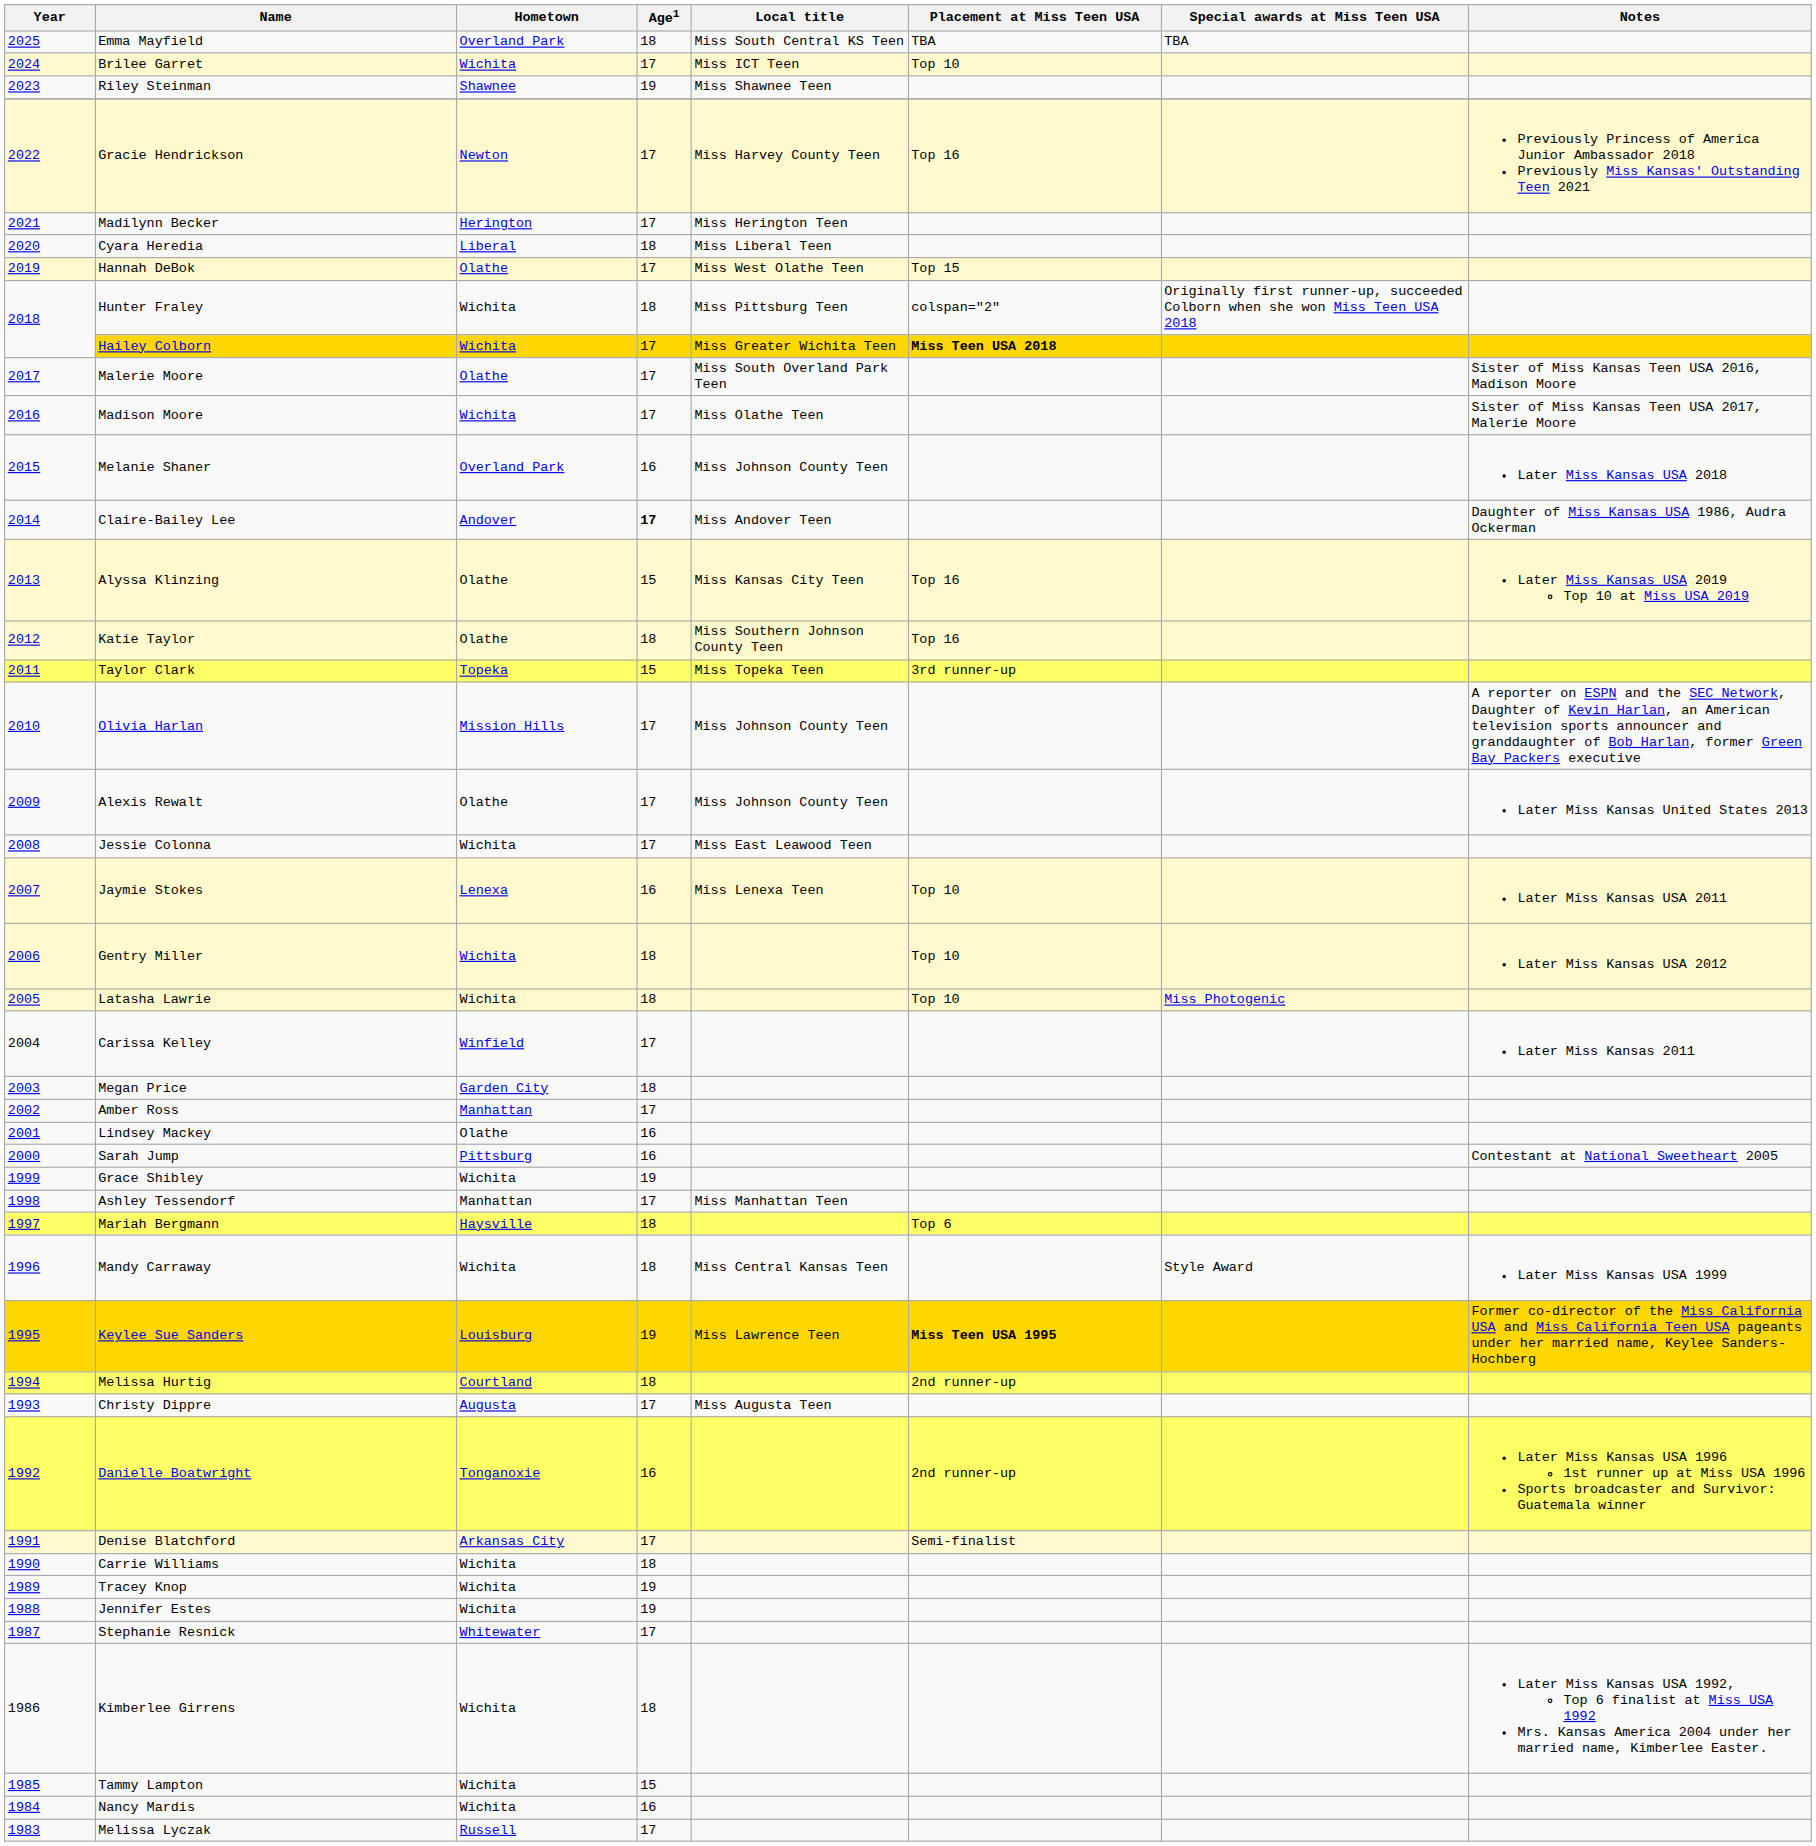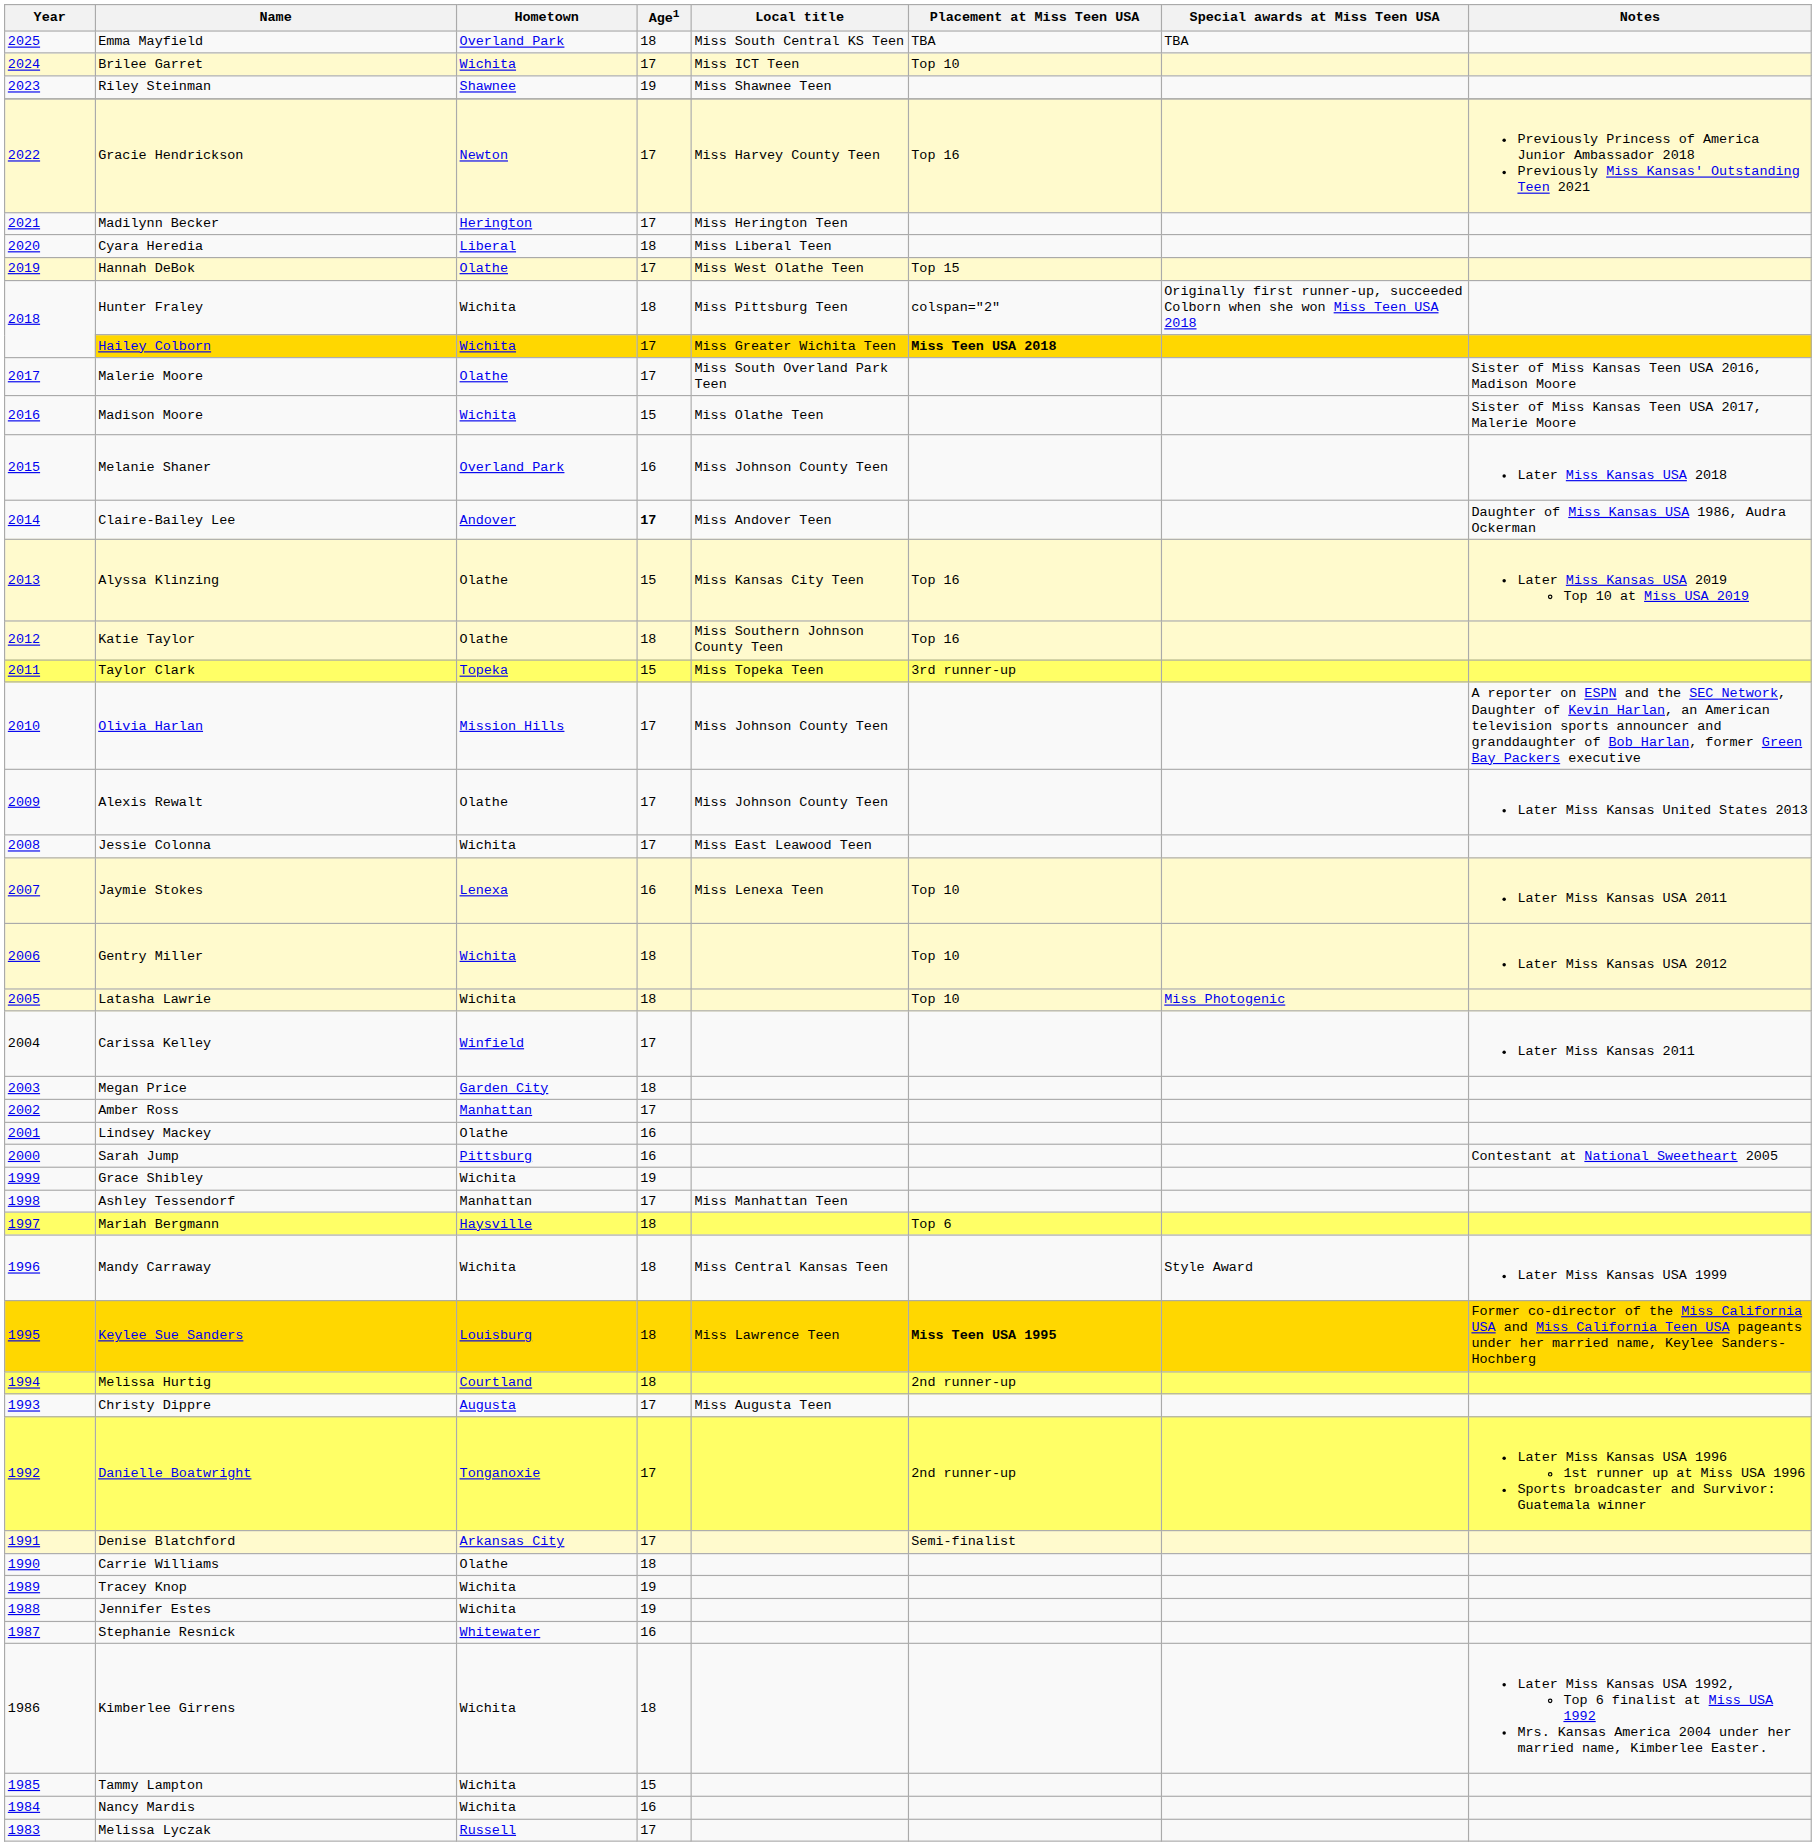 <table class="wikitable"style="font-size:90%;">
 <tr bgcolor="#efefef">
 <th width=5%>Year</th>
 <th width=20%>Name</th>
 <th width=10%>Hometown</th>
 <th width=3%>Age<sup>1</sup></th>
 <th width=12%>Local title</th>
 <th width=14%>Placement at Miss Teen USA</th>
 <th width=17%>Special awards at Miss Teen  USA</th>
 <th width=31%>Notes</th>
 </tr>
 <tr>
 <td><a href='#'>2025</a></td>
 <td>Emma Mayfield</td>
 <td><a href='#'>Overland Park</a></td>
 <td>18</td>
 <td>Miss South Central KS Teen</td>
 <td>TBA</td>
 <td>TBA</td>
 <td></td>
 </tr>
 <tr style="background-color:#FFFACD;”">
 <td><a href='#'>2024</a></td>
 <td>Brilee Garret</td>
 <td><a href='#'>Wichita</a></td>
 <td>17</td>
 <td>Miss ICT Teen</td>
 <td>Top 10</td>
 <td></td>
 <td></td>
 </tr>
 <tr>
 <td><a href='#'>2023</a></td>
 <td>Riley Steinman</td>
 <td><a href='#'>Shawnee</a></td>
 <td>19</td>
 <td>Miss Shawnee Teen</td>
 <td></td>
 <td></td>
 <td></td>
 </tr>
 <tr>
 </tr>
 <tr style="background-color:#FFFACD;">
 <td><a href='#'>2022</a></td>
 <td>Gracie Hendrickson</td>
 <td><a href='#'>Newton</a></td>
 <td>17</td>
 <td>Miss Harvey County Teen</td>
 <td>Top 16</td>
 <td></td>
 <td><br><ul><li>Previously Princess of America Junior Ambassador 2018</li><li>Previously <a href='#'>Miss Kansas' Outstanding Teen</a> 2021</li></ul></td>
 </tr>
 <tr>
 <td><a href='#'>2021</a></td>
 <td>Madilynn Becker</td>
 <td><a href='#'>Herington</a></td>
 <td>17</td>
 <td>Miss Herington Teen</td>
 <td></td>
 <td></td>
 <td></td>
 </tr>
 <tr>
 <td><a href='#'>2020</a></td>
 <td>Cyara Heredia</td>
 <td><a href='#'>Liberal</a></td>
 <td>18</td>
 <td>Miss Liberal Teen</td>
 <td></td>
 <td></td>
 <td></td>
 </tr>
 <tr style="background-color:#FFFACD;">
 <td><a href='#'>2019</a></td>
 <td>Hannah DeBok</td>
 <td><a href='#'>Olathe</a></td>
 <td>17</td>
 <td>Miss West Olathe Teen</td>
 <td>Top 15</td>
 <td></td>
 <td></td>
 </tr>
 <tr>
 <td rowspan=2><a href='#'>2018</a></td>
 <td>Hunter Fraley</td>
 <td>Wichita</td>
 <td>18</td>
 <td>Miss Pittsburg Teen</td>
 <td>colspan="2" </td>
 <td>Originally first runner-up, succeeded Colborn when she won <a href='#'>Miss Teen USA 2018</a></td>
 </tr>
 <tr style="background-color:gold">
 <td><a href='#'>Hailey Colborn</a></td>
 <td><a href='#'>Wichita</a></td>
 <td>17</td>
 <td>Miss Greater Wichita Teen</td>
 <td><strong>Miss Teen USA 2018</strong></td>
 <td></td>
 <td></td>
 </tr>
 <tr>
 <td><a href='#'>2017</a></td>
 <td>Malerie Moore</td>
 <td><a href='#'>Olathe</a></td>
 <td>17</td>
 <td>Miss South Overland Park Teen</td>
 <td></td>
 <td></td>
 <td>Sister of Miss Kansas Teen USA 2016, Madison Moore</td>
 </tr>
 <tr>
 <td><a href='#'>2016</a></td>
 <td>Madison Moore</td>
 <td><a href='#'>Wichita</a></td>
-<td>17</td>
+<td>15</td>
 <td>Miss Olathe Teen</td>
 <td></td>
 <td></td>
 <td>Sister of Miss Kansas Teen USA 2017, Malerie Moore</td>
 </tr>
 <tr>
 <td><a href='#'>2015</a></td>
 <td>Melanie Shaner</td>
 <td><a href='#'>Overland Park</a></td>
 <td>16</td>
 <td>Miss Johnson County Teen</td>
 <td></td>
 <td></td>
 <td><br><ul><li>Later <a href='#'>Miss Kansas USA</a> 2018</li></ul></td>
 </tr>
 <tr>
 <td><a href='#'>2014</a></td>
 <td>Claire-Bailey Lee</td>
 <td><a href='#'>Andover</a></td>
 <td><strong>17</strong></td>
 <td>Miss Andover Teen</td>
 <td></td>
 <td></td>
 <td>Daughter of <a href='#'>Miss Kansas USA</a> 1986, Audra Ockerman</td>
 </tr>
 <tr style="background-color:#FFFACD;">
 <td><a href='#'>2013</a></td>
 <td>Alyssa Klinzing</td>
 <td>Olathe</td>
 <td>15</td>
 <td>Miss Kansas City Teen</td>
 <td>Top 16</td>
 <td></td>
 <td><br><ul><li>Later <a href='#'>Miss Kansas USA</a> 2019<ul><li>Top 10 at <a href='#'>Miss USA 2019</a></li></ul></li></ul></td>
 </tr>
 <tr style="background-color:#FFFACD;">
 <td><a href='#'>2012</a></td>
 <td>Katie Taylor</td>
 <td>Olathe</td>
 <td>18</td>
 <td>Miss Southern Johnson County Teen</td>
 <td>Top 16</td>
 <td></td>
 <td></td>
 </tr>
 <tr style="background-color:#FFFF66;">
 <td><a href='#'>2011</a></td>
 <td>Taylor Clark</td>
 <td><a href='#'>Topeka</a></td>
 <td>15</td>
 <td>Miss Topeka Teen</td>
 <td>3rd runner-up</td>
 <td></td>
 <td></td>
 </tr>
 <tr>
 <td><a href='#'>2010</a></td>
 <td><a href='#'>Olivia Harlan</a></td>
 <td><a href='#'>Mission Hills</a></td>
 <td>17</td>
 <td>Miss Johnson County Teen</td>
 <td></td>
 <td></td>
 <td>A reporter on <a href='#'>ESPN</a> and the <a href='#'>SEC Network</a>, Daughter of <a href='#'>Kevin Harlan</a>, an American television sports announcer and granddaughter of <a href='#'>Bob Harlan</a>, former <a href='#'>Green Bay Packers</a> executive</td>
 </tr>
 <tr>
 <td><a href='#'>2009</a></td>
 <td>Alexis Rewalt</td>
 <td>Olathe</td>
 <td>17</td>
 <td>Miss Johnson County Teen</td>
 <td></td>
 <td></td>
 <td><br><ul><li>Later Miss Kansas United States 2013</li></ul></td>
 </tr>
 <tr>
 <td><a href='#'>2008</a></td>
 <td>Jessie Colonna</td>
 <td>Wichita</td>
 <td>17</td>
 <td>Miss East Leawood Teen</td>
 <td></td>
 <td></td>
 <td></td>
 </tr>
 <tr style="background-color:#FFFACD;">
 <td><a href='#'>2007</a></td>
 <td>Jaymie Stokes</td>
 <td><a href='#'>Lenexa</a></td>
 <td>16</td>
 <td>Miss Lenexa Teen</td>
 <td>Top 10</td>
 <td></td>
 <td><br><ul><li>Later Miss Kansas USA 2011</li></ul></td>
 </tr>
 <tr style="background-color:#FFFACD;">
 <td><a href='#'>2006</a></td>
 <td>Gentry Miller</td>
 <td><a href='#'>Wichita</a></td>
 <td>18</td>
 <td></td>
 <td>Top 10</td>
 <td></td>
 <td><br><ul><li>Later Miss Kansas USA 2012</li></ul></td>
 </tr>
 <tr style="background-color:#FFFACD;">
 <td><a href='#'>2005</a></td>
 <td>Latasha Lawrie</td>
 <td>Wichita</td>
 <td>18</td>
 <td></td>
 <td>Top 10</td>
 <td><a href='#'>Miss Photogenic</a></td>
 <td></td>
 </tr>
 <tr>
 <td>2004</td>
 <td>Carissa Kelley</td>
 <td><a href='#'>Winfield</a></td>
 <td>17</td>
 <td></td>
 <td></td>
 <td></td>
 <td><br><ul><li>Later Miss Kansas 2011</li></ul></td>
 </tr>
 <tr>
 <td><a href='#'>2003</a></td>
 <td>Megan Price</td>
 <td><a href='#'>Garden City</a></td>
 <td>18</td>
 <td></td>
 <td></td>
 <td></td>
 <td></td>
 </tr>
 <tr>
 <td><a href='#'>2002</a></td>
 <td>Amber Ross</td>
 <td><a href='#'>Manhattan</a></td>
 <td>17</td>
 <td></td>
 <td></td>
 <td></td>
 <td></td>
 </tr>
 <tr>
 <td><a href='#'>2001</a></td>
 <td>Lindsey Mackey</td>
 <td>Olathe</td>
 <td>16</td>
 <td></td>
 <td></td>
 <td></td>
 <td></td>
 </tr>
 <tr>
 <td><a href='#'>2000</a></td>
 <td>Sarah Jump</td>
 <td><a href='#'>Pittsburg</a></td>
 <td>16</td>
 <td></td>
 <td></td>
 <td></td>
 <td>Contestant at <a href='#'>National Sweetheart</a> 2005</td>
 </tr>
 <tr>
 <td><a href='#'>1999</a></td>
 <td>Grace Shibley</td>
 <td>Wichita</td>
 <td>19</td>
 <td></td>
 <td></td>
 <td></td>
 <td></td>
 </tr>
 <tr>
 <td><a href='#'>1998</a></td>
 <td>Ashley Tessendorf</td>
 <td>Manhattan</td>
 <td>17</td>
 <td>Miss Manhattan Teen</td>
 <td></td>
 <td></td>
 <td></td>
 </tr>
 <tr style="background-color:#FFFF66;">
 <td><a href='#'>1997</a></td>
 <td>Mariah Bergmann</td>
 <td><a href='#'>Haysville</a></td>
 <td>18</td>
 <td></td>
 <td>Top 6</td>
 <td></td>
 <td></td>
 </tr>
 <tr>
 <td><a href='#'>1996</a></td>
 <td>Mandy Carraway</td>
 <td>Wichita</td>
 <td>18</td>
 <td>Miss Central Kansas Teen</td>
 <td></td>
 <td>Style Award</td>
 <td><br><ul><li>Later Miss Kansas USA 1999</li></ul></td>
 </tr>
 <tr style="background-color:GOLD;">
 <td><a href='#'>1995</a></td>
 <td><a href='#'>Keylee Sue Sanders</a></td>
 <td><a href='#'>Louisburg</a></td>
-<td>19</td>
+<td>18</td>
 <td>Miss Lawrence Teen</td>
 <td><strong>Miss Teen USA 1995</strong></td>
 <td></td>
 <td>Former co-director of the <a href='#'>Miss California USA</a> and <a href='#'>Miss California Teen USA</a> pageants under her married name, Keylee Sanders-Hochberg</td>
 </tr>
 <tr style="background-color:#FFFF66;">
 <td><a href='#'>1994</a></td>
 <td>Melissa Hurtig</td>
 <td><a href='#'>Courtland</a></td>
 <td>18</td>
 <td></td>
 <td>2nd runner-up</td>
 <td></td>
 <td></td>
 </tr>
 <tr>
 <td><a href='#'>1993</a></td>
 <td>Christy Dippre</td>
 <td><a href='#'>Augusta</a></td>
 <td>17</td>
 <td>Miss Augusta Teen</td>
 <td></td>
 <td></td>
 <td></td>
 </tr>
 <tr style="background-color:#FFFF66;">
 <td><a href='#'>1992</a></td>
 <td><a href='#'>Danielle Boatwright</a></td>
 <td><a href='#'>Tonganoxie</a></td>
-<td>16</td>
+<td>17</td>
 <td></td>
 <td>2nd runner-up</td>
 <td></td>
 <td><br><ul><li>Later Miss Kansas USA 1996<ul><li>1st runner up at Miss USA 1996</li></ul></li><li>Sports broadcaster and Survivor: Guatemala winner</li></ul></td>
 </tr>
 <tr style="background-color:#FFFACD;">
 <td><a href='#'>1991</a></td>
 <td>Denise Blatchford</td>
 <td><a href='#'>Arkansas City</a></td>
 <td>17</td>
 <td></td>
 <td>Semi-finalist</td>
 <td></td>
 <td></td>
 </tr>
 <tr>
 <td><a href='#'>1990</a></td>
 <td>Carrie Williams</td>
-<td>Wichita</td>
+<td>Olathe</td>
 <td>18</td>
 <td></td>
 <td></td>
 <td></td>
 <td></td>
 </tr>
 <tr>
 <td><a href='#'>1989</a></td>
 <td>Tracey Knop</td>
 <td>Wichita</td>
 <td>19</td>
 <td></td>
 <td></td>
 <td></td>
 <td></td>
 </tr>
 <tr>
 <td><a href='#'>1988</a></td>
 <td>Jennifer Estes</td>
 <td>Wichita</td>
 <td>19</td>
 <td></td>
 <td></td>
 <td></td>
 <td></td>
 </tr>
 <tr>
 <td><a href='#'>1987</a></td>
 <td>Stephanie Resnick</td>
 <td><a href='#'>Whitewater</a></td>
-<td>17</td>
+<td>16</td>
 <td></td>
 <td></td>
 <td></td>
 <td></td>
 </tr>
 <tr>
 <td>1986</td>
 <td>Kimberlee Girrens</td>
 <td>Wichita</td>
 <td>18</td>
 <td></td>
 <td></td>
 <td></td>
 <td><br><ul><li>Later Miss Kansas USA 1992,<ul><li>Top 6 finalist at <a href='#'>Miss USA 1992</a></li></ul></li><li>Mrs. Kansas America 2004 under her married name, Kimberlee Easter.</li></ul></td>
 </tr>
 <tr>
 <td><a href='#'>1985</a></td>
 <td>Tammy Lampton</td>
 <td>Wichita</td>
 <td>15</td>
 <td></td>
 <td></td>
 <td></td>
 <td></td>
 </tr>
 <tr>
 <td><a href='#'>1984</a></td>
 <td>Nancy Mardis</td>
 <td>Wichita</td>
 <td>16</td>
 <td></td>
 <td></td>
 <td></td>
 <td></td>
 </tr>
 <tr>
 <td><a href='#'>1983</a></td>
 <td>Melissa Lyczak</td>
 <td><a href='#'>Russell</a></td>
 <td>17</td>
 <td></td>
 <td></td>
 <td></td>
 <td></td>
 </tr>
 </table>
